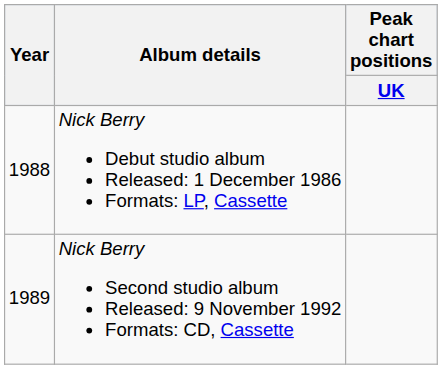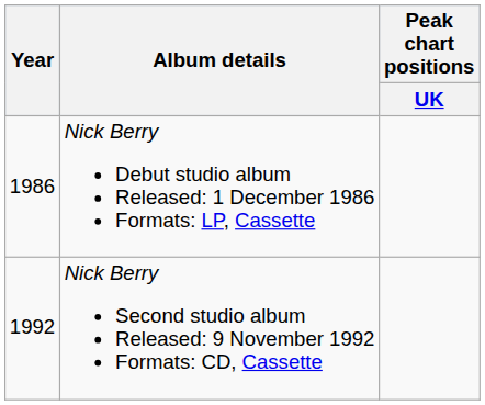 <table class="wikitable">
 <tr style="background:#b0c4de; text-align:center;">
 <th rowspan="2">Year</th>
 <th rowspan="2">Album details</th>
 <th colspan="1">Peak chart positions</th>
 </tr>
 <tr>
 <th width="25"><a href='#'>UK</a><br></th>
 </tr>
 <tr>
-<td>1988</td>
+<td>1986</td>
 <td><em>Nick Berry</em><br><ul><li>Debut studio album</li><li>Released: 1 December 1986</li><li>Formats: <a href='#'>LP</a>, <a href='#'>Cassette</a></li></ul></td>
 <td></td>
 </tr>
 <tr>
-<td>1989</td>
+<td>1992</td>
 <td><em>Nick Berry</em><br><ul><li>Second studio album</li><li>Released: 9 November 1992</li><li>Formats: CD, <a href='#'>Cassette</a></li></ul></td>
 <td></td>
 </tr>
 </table>
